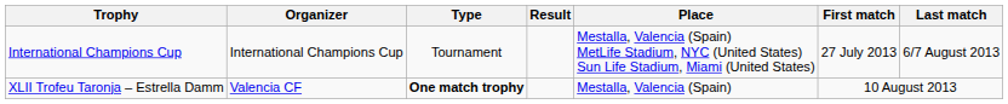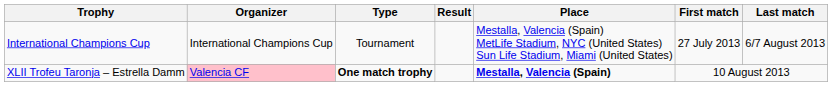 <table class="wikitable">
 <tr>
 <th>Trophy</th>
 <th>Organizer</th>
 <th>Type</th>
 <th>Result</th>
 <th>Place</th>
 <th>First match</th>
 <th>Last match</th>
 </tr>
 <tr>
 <td><a href='#'>International Champions Cup</a></td>
 <td>International Champions Cup</td>
 <td align="center">Tournament</td>
 <td align="center"></td>
 <td><a href='#'>Mestalla</a>, <a href='#'>Valencia</a> (Spain)<br><a href='#'>MetLife Stadium</a>, <a href='#'>NYC</a> (United States)<br><a href='#'>Sun Life Stadium</a>, <a href='#'>Miami</a> (United States)</td>
 <td align="center">27 July 2013</td>
 <td align="center">6/7 August 2013</td>
 </tr>
 <tr>
 <td><a href='#'>XLII Trofeu Taronja</a> – Estrella Damm</td>
-<td><a href='#'>Valencia CF</a></td>
+<td style="background: pink;"><a href='#'>Valencia CF</a></td>
 <td align="center"><strong>One match trophy</strong></td>
 <td align="center"></td>
-<td><a href='#'>Mestalla</a>, <a href='#'>Valencia</a> (Spain)</td>
+<td><strong><a href='#'>Mestalla</a>, <a href='#'>Valencia</a> (Spain)</strong></td>
 <td colspan=2 align="center">10 August 2013</td>
 </tr>
 </table>
